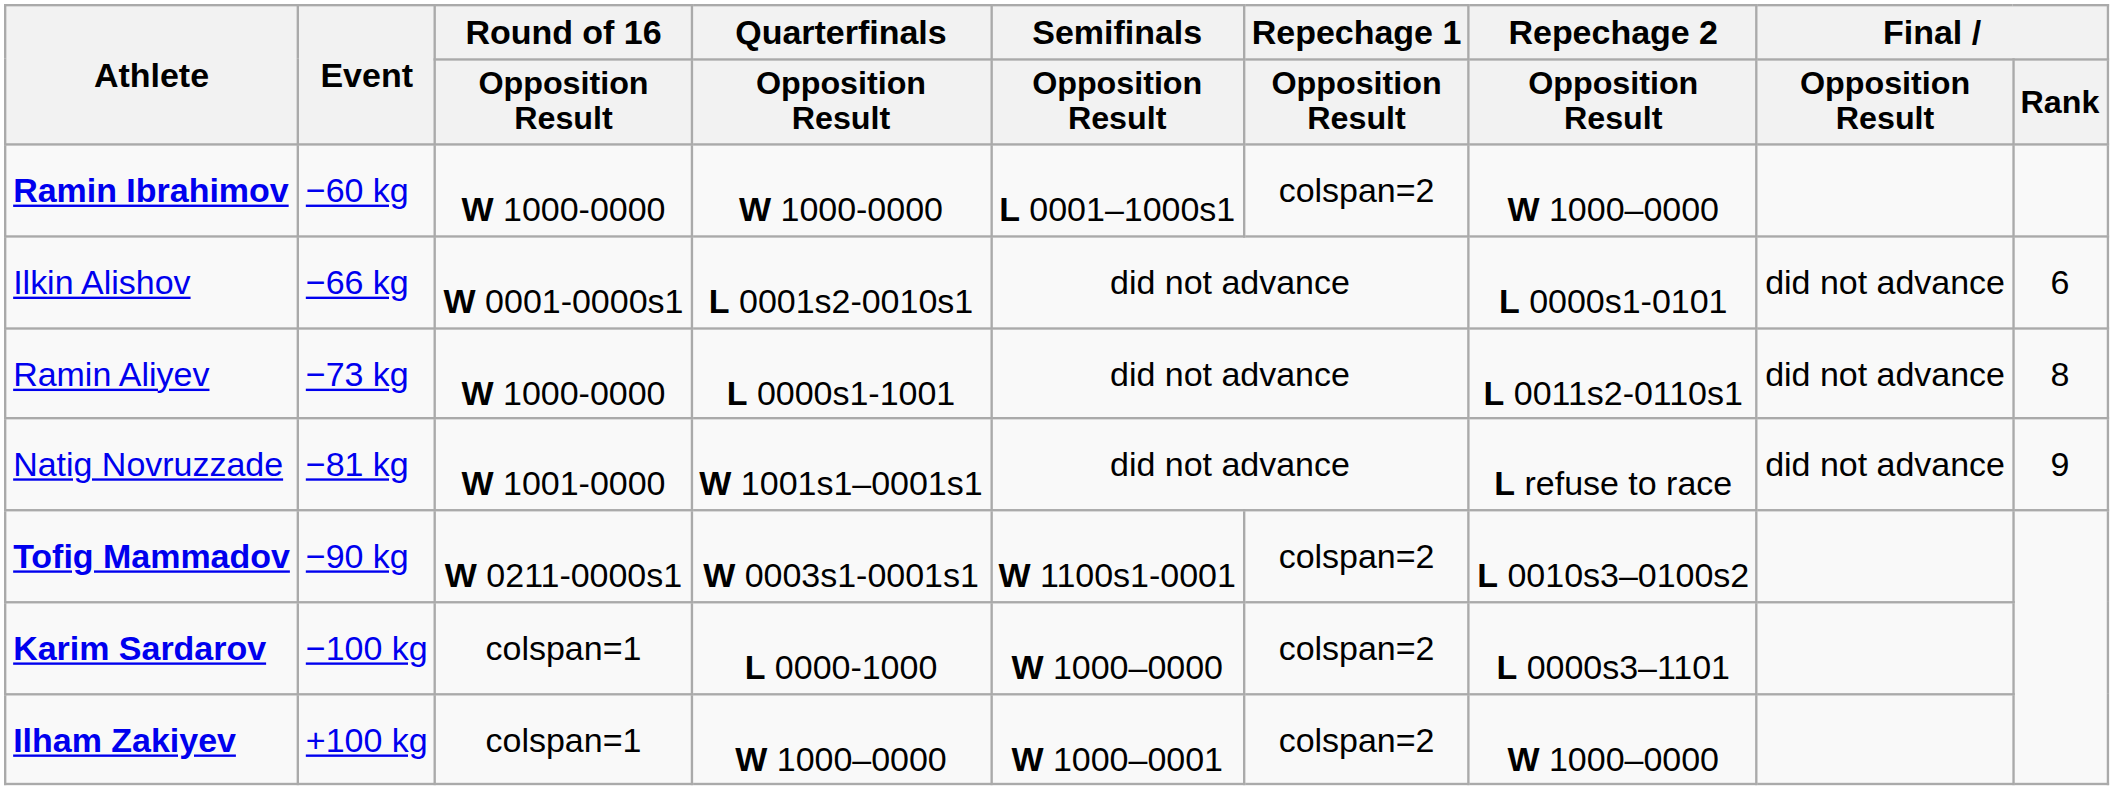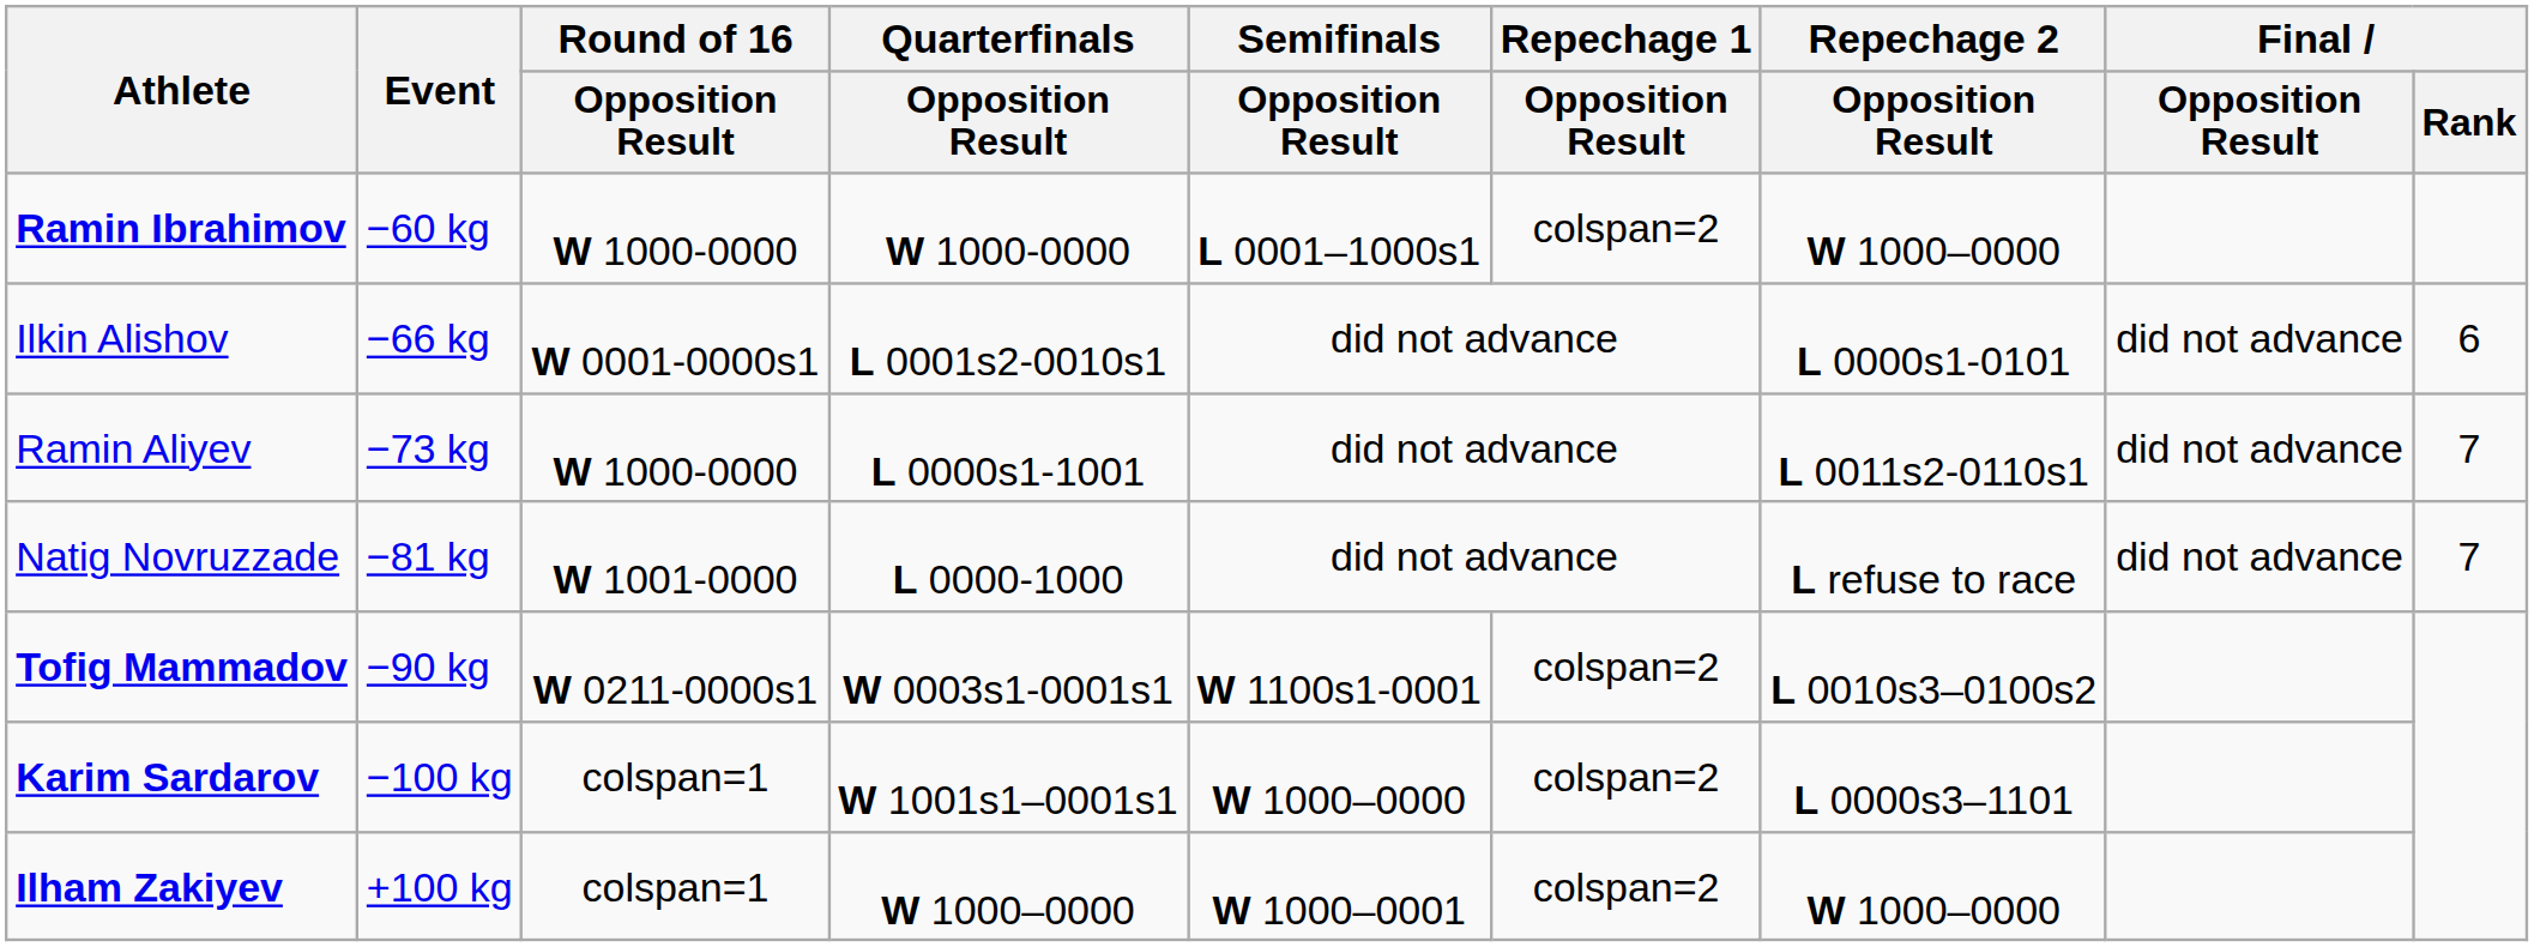 <table class="wikitable" style="font-size:90%">
 <tr>
 <th rowspan="2">Athlete</th>
 <th rowspan="2">Event</th>
 <th>Round of 16</th>
 <th>Quarterfinals</th>
 <th>Semifinals</th>
 <th>Repechage 1</th>
 <th>Repechage 2</th>
 <th colspan=2>Final / </th>
 </tr>
 <tr style="font-size:95%">
 <th>Opposition<br>Result</th>
 <th>Opposition<br>Result</th>
 <th>Opposition<br>Result</th>
 <th>Opposition<br>Result</th>
 <th>Opposition<br>Result</th>
 <th>Opposition<br>Result</th>
 <th>Rank</th>
 </tr>
 <tr align=center>
 <td align=left><strong><a href='#'>Ramin Ibrahimov</a></strong></td>
 <td align=left><a href='#'>−60 kg</a></td>
 <td align="center"> <br> <strong>W</strong> 1000-0000</td>
 <td align="center"> <br> <strong>W</strong> 1000-0000</td>
 <td align="center"> <br> <strong>L</strong> 0001–1000s1</td>
 <td>colspan=2 </td>
 <td align="center"> <br> <strong>W</strong> 1000–0000</td>
 <td></td>
 </tr>
 <tr align=center>
 <td align=left><a href='#'>Ilkin Alishov</a></td>
 <td align=left><a href='#'>−66 kg</a></td>
 <td align="center"> <br> <strong>W</strong> 0001-0000s1</td>
 <td align="center"> <br> <strong>L</strong> 0001s2-0010s1</td>
 <td colspan=2>did not advance</td>
 <td align="center"> <br> <strong>L</strong> 0000s1-0101</td>
 <td colspan=1>did not advance</td>
 <td>6</td>
 </tr>
 <tr align=center>
 <td align=left><a href='#'>Ramin Aliyev</a></td>
 <td align=left><a href='#'>−73 kg</a></td>
 <td align="center"> <br> <strong>W</strong> 1000-0000</td>
 <td align="center"> <br> <strong>L</strong> 0000s1-1001</td>
 <td colspan=2>did not advance</td>
 <td align="center"> <br> <strong>L</strong> 0011s2-0110s1</td>
 <td colspan=1>did not advance</td>
-<td>8</td>
+<td>7</td>
 </tr>
 <tr align=center>
 <td align=left><a href='#'>Natig Novruzzade</a></td>
 <td align=left><a href='#'>−81 kg</a></td>
 <td align="center"> <br> <strong>W</strong> 1001-0000</td>
-<td align="center"> <br> <strong>W</strong> 1001s1–0001s1</td>
+<td align="center"> <br> <strong>L</strong> 0000-1000</td>
 <td colspan=2>did not advance</td>
 <td align="center"> <br> <strong>L</strong> refuse to race</td>
 <td colspan=1>did not advance</td>
-<td>9</td>
+<td>7</td>
 </tr>
 <tr align=center>
 <td align=left><strong><a href='#'>Tofig Mammadov</a></strong></td>
 <td align=left><a href='#'>−90 kg</a></td>
 <td align="center"> <br> <strong>W</strong> 0211-0000s1</td>
 <td align="center"> <br> <strong>W</strong> 0003s1-0001s1</td>
 <td align="center"> <br> <strong>W</strong> 1100s1-0001</td>
 <td>colspan=2 </td>
 <td align="center"> <br> <strong>L</strong> 0010s3–0100s2</td>
 <td></td>
 </tr>
 <tr align=center>
 <td align=left><strong><a href='#'>Karim Sardarov</a></strong></td>
 <td align=left><a href='#'>−100 kg</a></td>
 <td>colspan=1 </td>
-<td align="center"> <br> <strong>L</strong> 0000-1000</td>
+<td align="center"> <br> <strong>W</strong> 1001s1–0001s1</td>
 <td align="center"> <br> <strong>W</strong> 1000–0000</td>
 <td>colspan=2 </td>
 <td align="center"> <br> <strong>L</strong> 0000s3–1101</td>
 <td></td>
 </tr>
 <tr align=center>
 <td align=left><strong><a href='#'>Ilham Zakiyev</a></strong></td>
 <td align=left><a href='#'>+100 kg</a></td>
 <td>colspan=1 </td>
 <td align="center"> <br> <strong>W</strong> 1000–0000</td>
 <td align="center"> <br> <strong>W</strong> 1000–0001</td>
 <td>colspan=2 </td>
 <td align="center"> <br> <strong>W</strong> 1000–0000</td>
 <td></td>
 </tr>
 </table>
